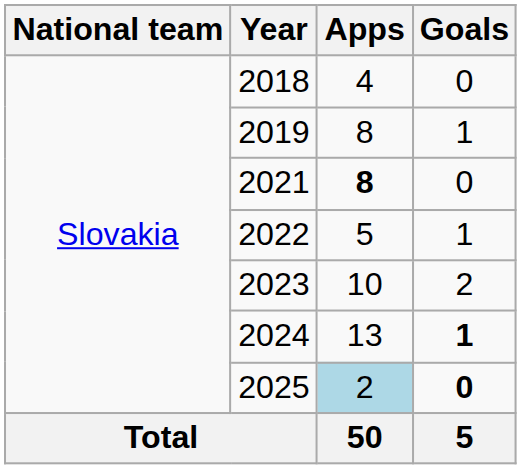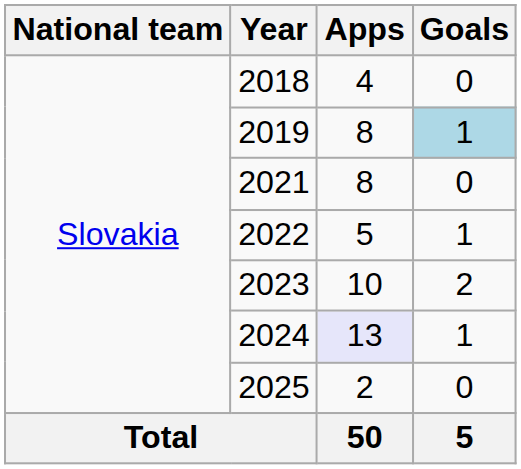 <table class="wikitable" style="text-align:center">
 <tr>
 <th>National team</th>
 <th>Year</th>
 <th>Apps</th>
 <th>Goals</th>
 </tr>
 <tr>
 <td rowspan="7"><a href='#'>Slovakia</a></td>
 <td>2018</td>
 <td>4</td>
 <td>0</td>
 </tr>
 <tr>
 <td>2019</td>
 <td>8</td>
-<td>1</td>
+<td style="background: lightblue;">1</td>
 </tr>
 <tr>
 <td>2021</td>
-<td><strong>8</strong></td>
+<td>8</td>
 <td>0</td>
 </tr>
 <tr>
 <td>2022</td>
 <td>5</td>
 <td>1</td>
 </tr>
 <tr>
 <td>2023</td>
 <td>10</td>
 <td>2</td>
 </tr>
 <tr>
 <td>2024</td>
-<td>13</td>
-<td><strong>1</strong></td>
+<td style="background: lavender;">13</td>
+<td>1</td>
 </tr>
 <tr>
 <td>2025</td>
-<td style="background: lightblue;">2</td>
-<td><strong>0</strong></td>
+<td>2</td>
+<td>0</td>
 </tr>
 <tr>
 <th colspan="2">Total</th>
 <th>50</th>
 <th>5</th>
 </tr>
 </table>
